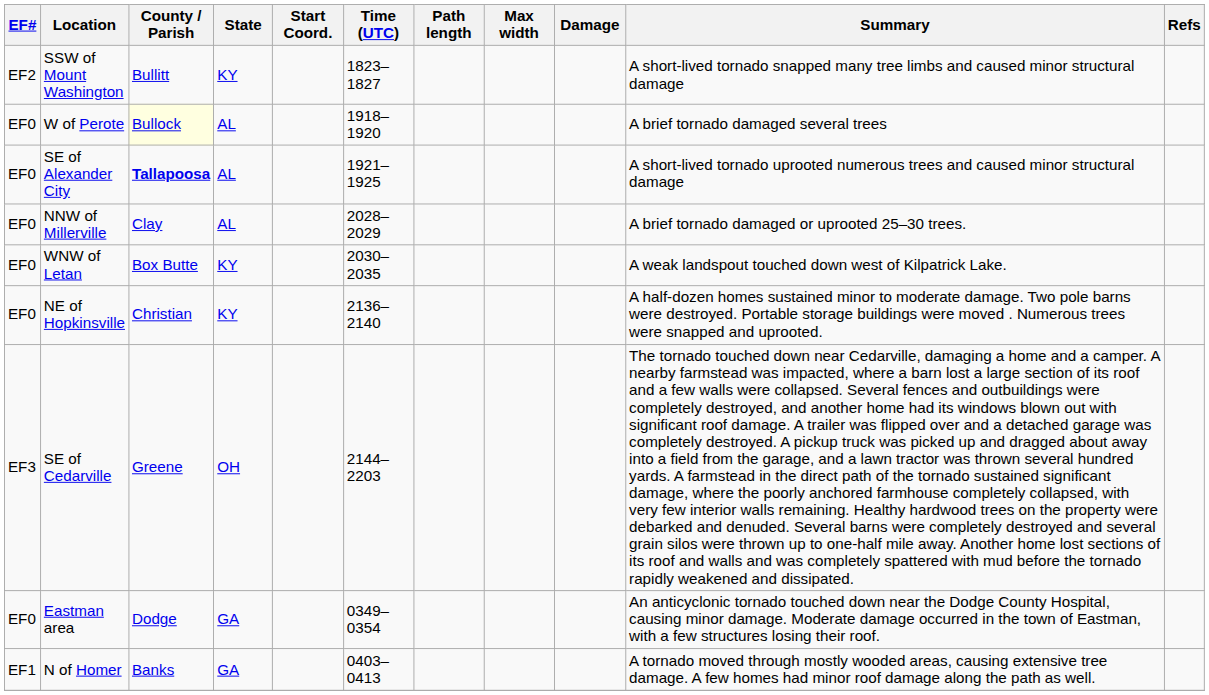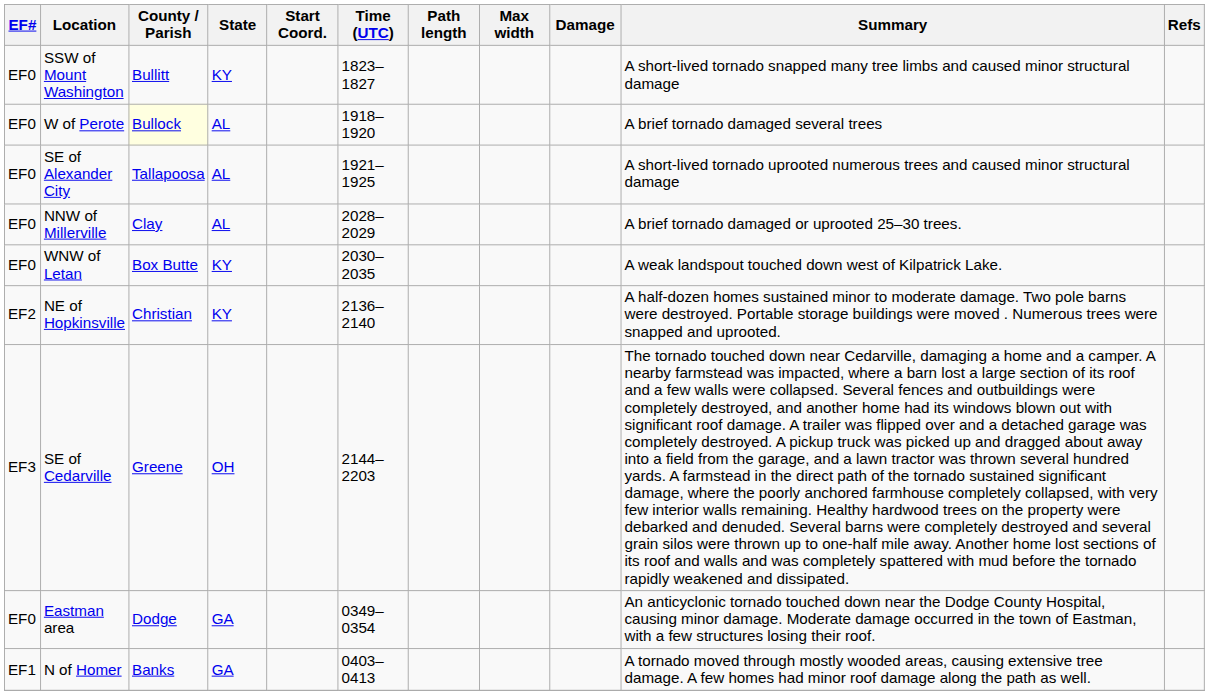 <table class="wikitable sortable" style="width:100%;">
 <tr>
 <th scope="col" width="3%" align="center"><a href='#'>EF#</a></th>
 <th scope="col" width="7%" align="center" class="unsortable">Location</th>
 <th scope="col" width="6%" align="center" class="unsortable">County / Parish</th>
 <th scope="col" width="5%" align="center">State</th>
 <th scope="col" width="6%" align="center">Start Coord.</th>
 <th scope="col" width="6%" align="center">Time (<a href='#'>UTC</a>)</th>
 <th scope="col" width="6%" align="center">Path length</th>
 <th scope="col" width="6%" align="center">Max width</th>
 <th scope="col" width="6%" align="center">Damage</th>
 <th scope="col" width="48%" class="unsortable" align="center">Summary</th>
 <th scope="col" width="48%" class="unsortable" align="center">Refs</th>
 </tr>
 <tr>
-<td>EF2</td>
+<td>EF0</td>
 <td>SSW of <a href='#'>Mount Washington</a></td>
 <td><a href='#'>Bullitt</a></td>
 <td><a href='#'>KY</a></td>
 <td></td>
 <td>1823–1827</td>
 <td></td>
 <td></td>
 <td></td>
 <td>A short-lived tornado snapped many tree limbs and caused minor structural damage</td>
 <td></td>
 </tr>
 <tr>
 <td>EF0</td>
 <td>W of <a href='#'>Perote</a></td>
 <td style="background: lightyellow;"><a href='#'>Bullock</a></td>
 <td><a href='#'>AL</a></td>
 <td></td>
 <td>1918–1920</td>
 <td></td>
 <td></td>
 <td></td>
 <td>A brief tornado damaged several trees</td>
 <td></td>
 </tr>
 <tr>
 <td>EF0</td>
 <td>SE of <a href='#'>Alexander City</a></td>
-<td><strong><a href='#'>Tallapoosa</a></strong></td>
+<td><a href='#'>Tallapoosa</a></td>
 <td><a href='#'>AL</a></td>
 <td></td>
 <td>1921–1925</td>
 <td></td>
 <td></td>
 <td></td>
 <td>A short-lived tornado uprooted numerous trees and caused minor structural damage</td>
 <td></td>
 </tr>
 <tr>
 <td>EF0</td>
 <td>NNW of <a href='#'>Millerville</a></td>
 <td><a href='#'>Clay</a></td>
 <td><a href='#'>AL</a></td>
 <td></td>
 <td>2028–2029</td>
 <td></td>
 <td></td>
 <td></td>
 <td>A brief tornado damaged or uprooted 25–30 trees.</td>
 <td></td>
 </tr>
 <tr>
 <td>EF0</td>
 <td>WNW of <a href='#'>Letan</a></td>
 <td><a href='#'>Box Butte</a></td>
 <td><a href='#'>KY</a></td>
 <td></td>
 <td>2030–2035</td>
 <td></td>
 <td></td>
 <td></td>
 <td>A weak landspout touched down west of Kilpatrick Lake.</td>
 <td></td>
 </tr>
 <tr>
-<td>EF0</td>
+<td>EF2</td>
 <td>NE of <a href='#'>Hopkinsville</a></td>
 <td><a href='#'>Christian</a></td>
 <td><a href='#'>KY</a></td>
 <td></td>
 <td>2136–2140</td>
 <td></td>
 <td></td>
 <td></td>
 <td>A half-dozen homes sustained minor to moderate damage. Two pole barns were destroyed. Portable storage buildings were moved . Numerous trees were snapped and uprooted.</td>
 <td></td>
 </tr>
 <tr>
 <td>EF3</td>
 <td>SE of <a href='#'>Cedarville</a></td>
 <td><a href='#'>Greene</a></td>
 <td><a href='#'>OH</a></td>
 <td></td>
 <td>2144–2203</td>
 <td></td>
 <td></td>
 <td></td>
 <td>The tornado touched down near Cedarville, damaging a home and a camper. A nearby farmstead was impacted, where a barn lost a large section of its roof and a few walls were collapsed. Several fences and outbuildings were completely destroyed, and another home had its windows blown out with significant roof damage. A trailer was flipped over and a detached garage was completely destroyed. A pickup truck was picked up and dragged about  away into a field from the garage, and a lawn tractor was thrown several hundred yards. A farmstead in the direct path of the tornado sustained significant damage, where the poorly anchored farmhouse completely collapsed, with very few interior walls remaining. Healthy hardwood trees on the property were debarked and denuded. Several barns were completely destroyed and several grain silos were thrown up to one-half mile away. Another home lost sections of its roof and walls and was completely spattered with mud before the tornado rapidly weakened and dissipated.</td>
 <td></td>
 </tr>
 <tr>
 <td>EF0</td>
 <td><a href='#'>Eastman</a> area</td>
 <td><a href='#'>Dodge</a></td>
 <td><a href='#'>GA</a></td>
 <td></td>
 <td>0349–0354</td>
 <td></td>
 <td></td>
 <td></td>
 <td>An anticyclonic tornado touched down near the Dodge County Hospital, causing minor damage. Moderate damage occurred in the town of Eastman, with a few structures losing their roof.</td>
 <td></td>
 </tr>
 <tr>
 <td>EF1</td>
 <td>N of <a href='#'>Homer</a></td>
 <td><a href='#'>Banks</a></td>
 <td><a href='#'>GA</a></td>
 <td></td>
 <td>0403–0413</td>
 <td></td>
 <td></td>
 <td></td>
 <td>A tornado moved through mostly wooded areas, causing extensive tree damage. A few homes had minor roof damage along the path as well.</td>
 <td></td>
 </tr>
 <tr>
 </tr>
 </table>
